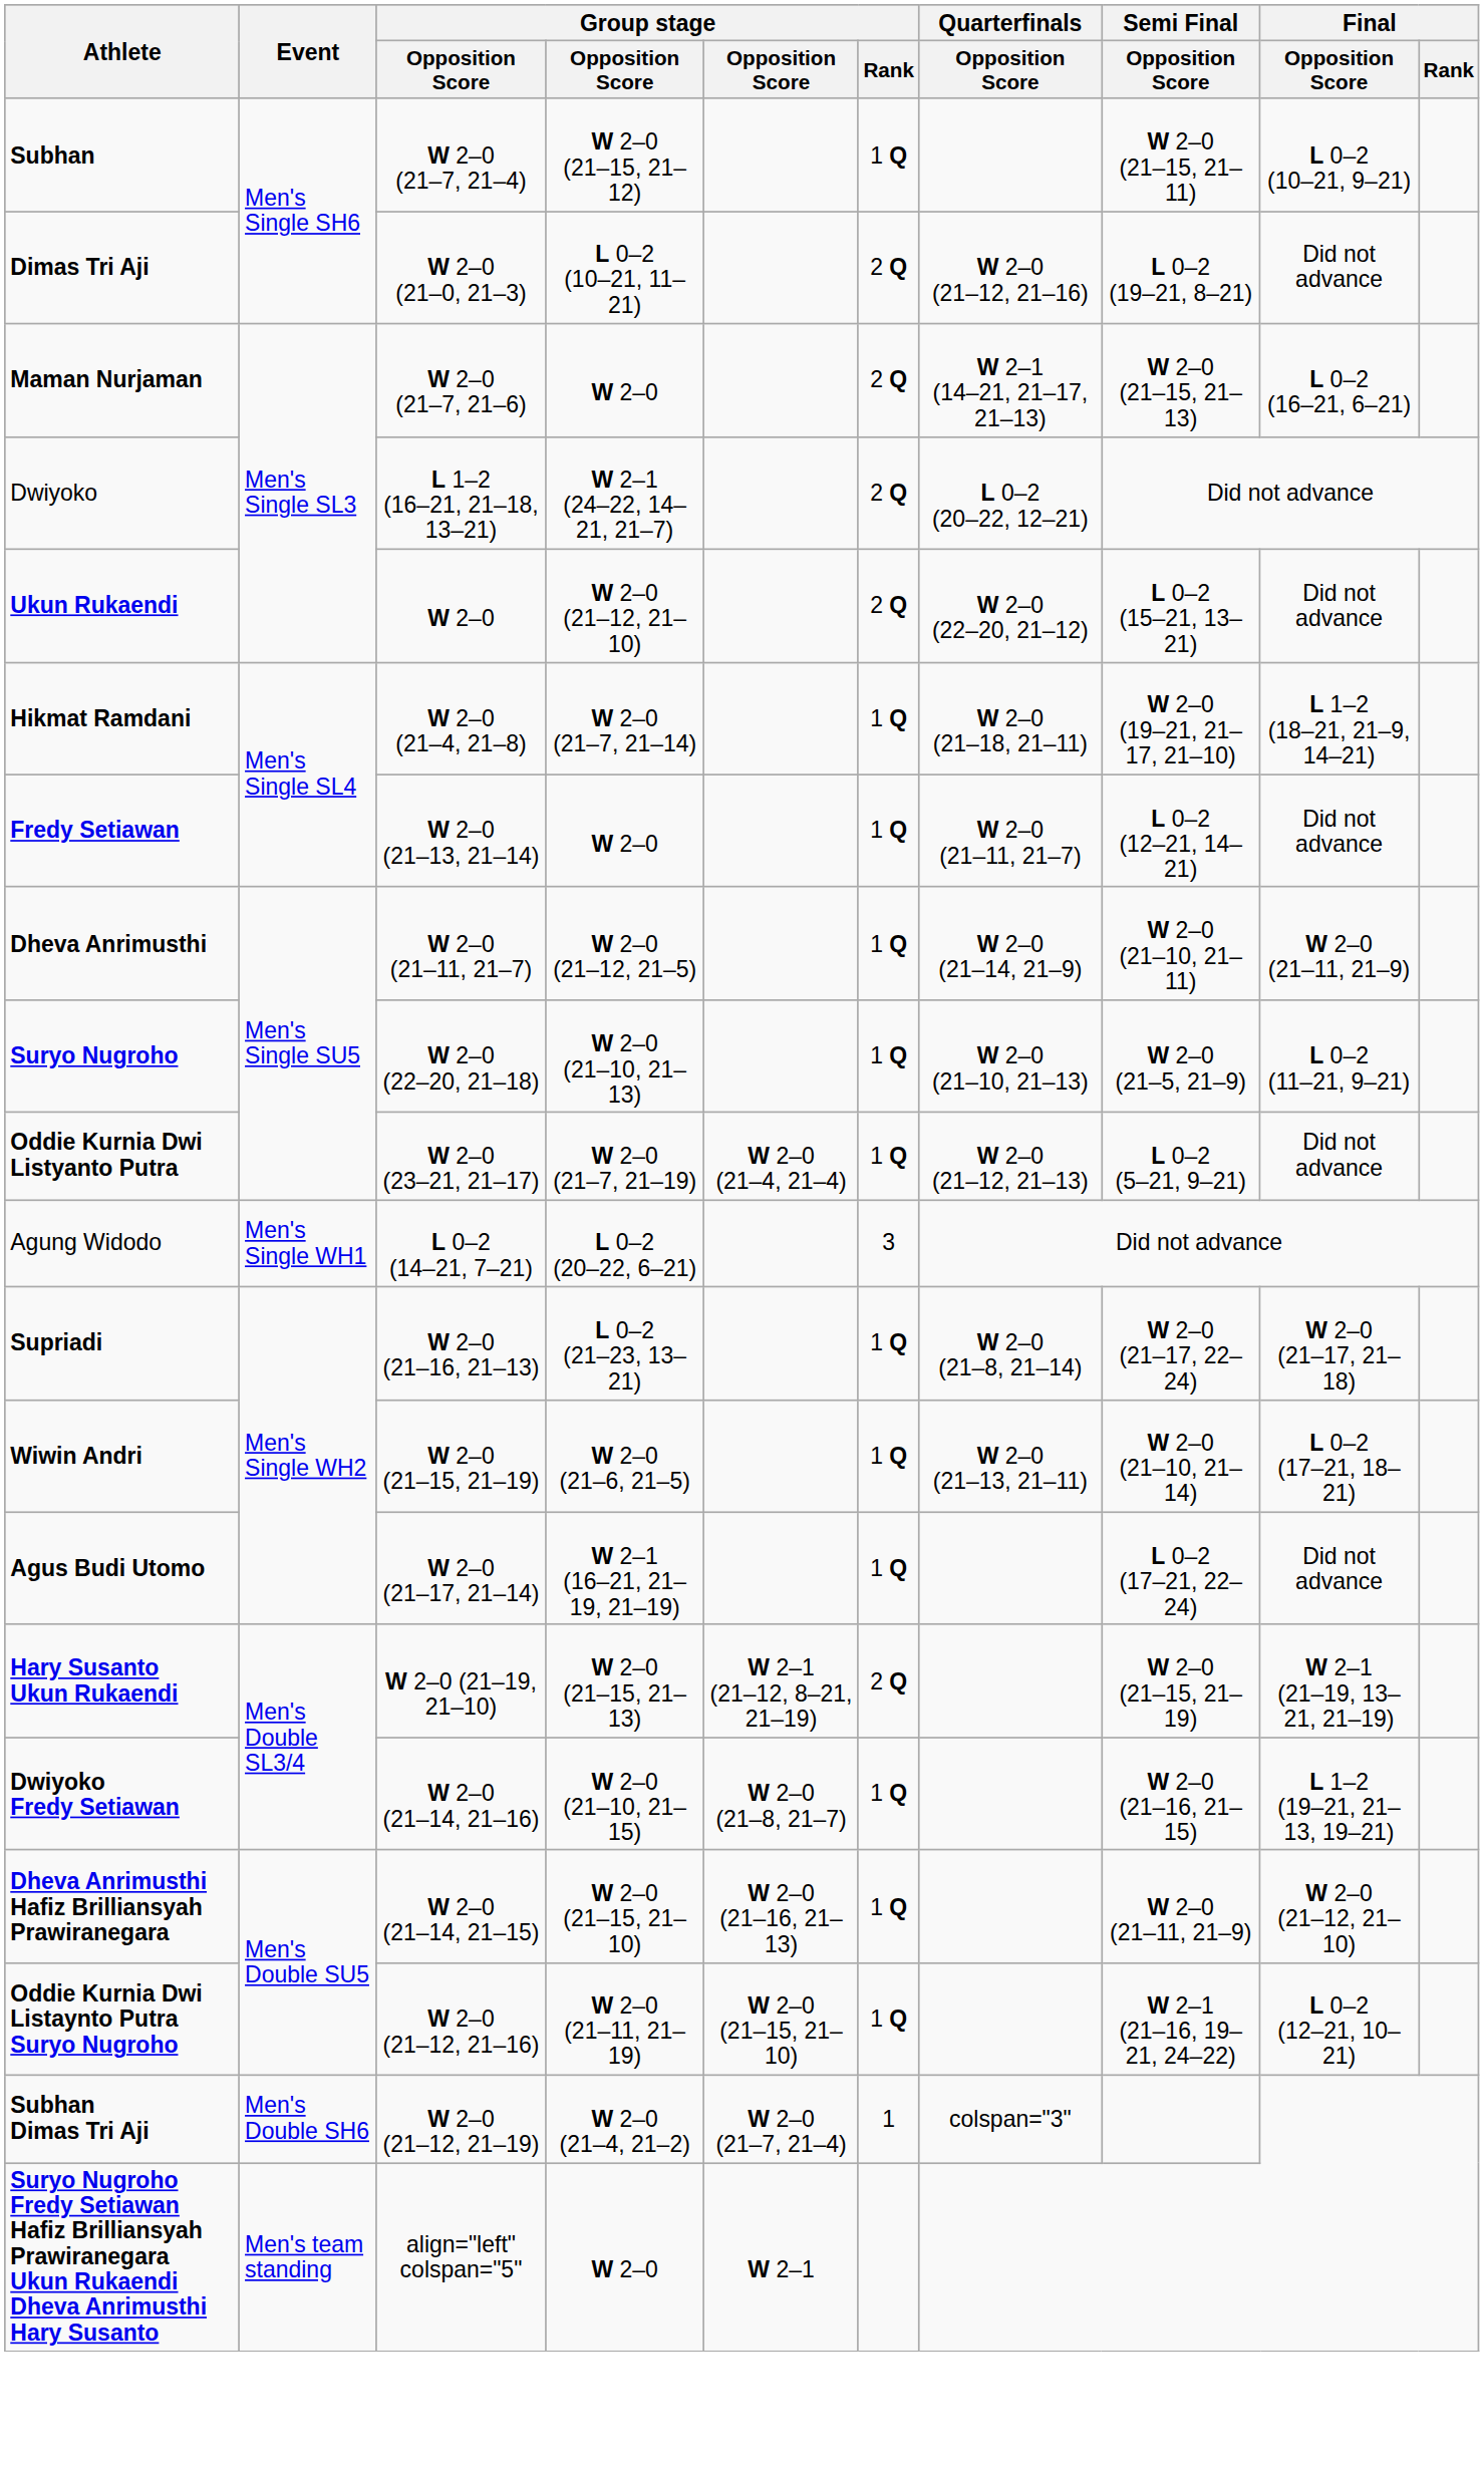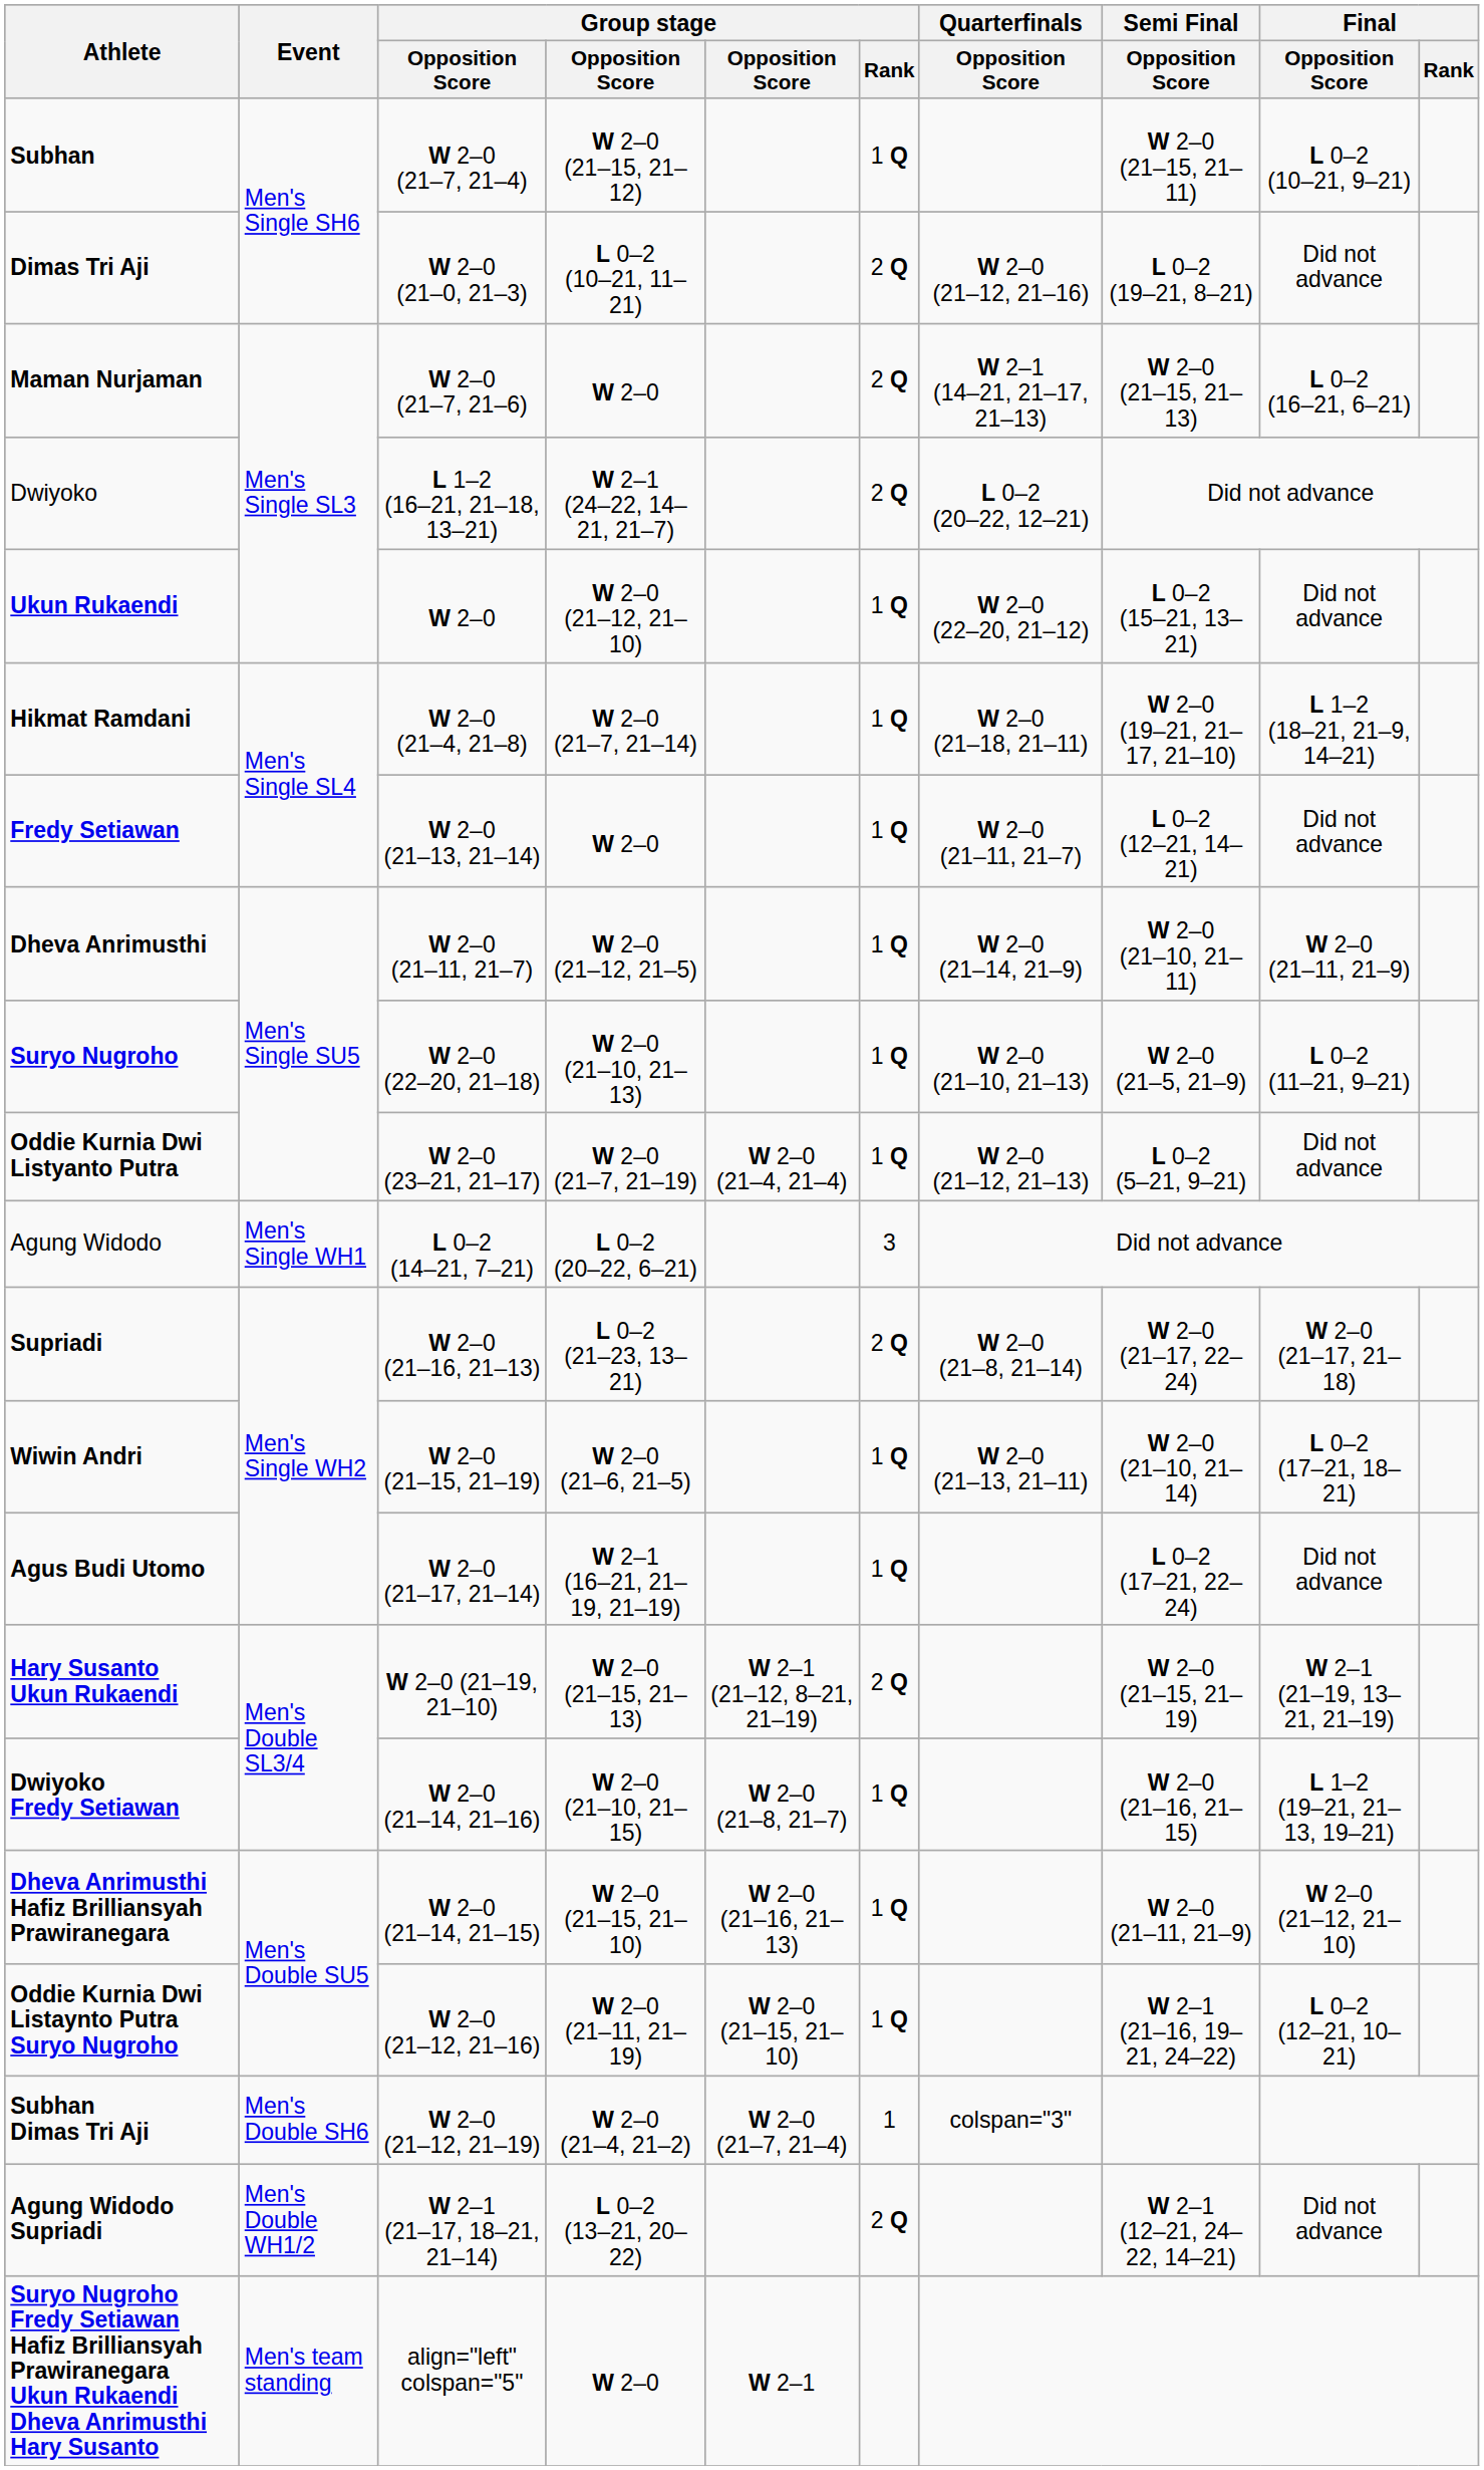 <table class="wikitable" style="font-size:85%; text-align:center">
 <tr>
 <th rowspan="2">Athlete</th>
 <th rowspan="2">Event</th>
 <th colspan="4">Group stage</th>
 <th colspan="1">Quarterfinals</th>
 <th colspan="1">Semi Final</th>
 <th colspan="2">Final</th>
 </tr>
 <tr style="font-size:90%">
 <th>Opposition<br>Score</th>
 <th>Opposition<br>Score</th>
 <th>Opposition<br>Score</th>
 <th>Rank</th>
 <th>Opposition<br>Score</th>
 <th>Opposition<br>Score</th>
 <th>Opposition<br>Score</th>
 <th>Rank</th>
 </tr>
 <tr>
 <td align="left"><strong>Subhan</strong></td>
 <td align="left" rowspan="2"><a href='#'>Men's Single SH6</a></td>
 <td><br><strong>W</strong> 2–0<br>(21–7, 21–4)</td>
 <td><br><strong>W</strong> 2–0<br>(21–15, 21–12)</td>
 <td></td>
 <td>1 <strong>Q</strong></td>
 <td></td>
 <td><br><strong>W</strong> 2–0<br>(21–15, 21–11)</td>
 <td><br><strong>L</strong> 0–2<br>(10–21, 9–21)</td>
 <td></td>
 </tr>
 <tr>
 <td align="left"><strong>Dimas Tri Aji</strong></td>
 <td><br><strong>W</strong> 2–0<br>(21–0, 21–3)</td>
 <td><br><strong>L</strong> 0–2<br>(10–21, 11–21)</td>
 <td></td>
 <td>2 <strong>Q</strong></td>
 <td><br><strong>W</strong> 2–0<br> (21–12, 21–16)</td>
 <td><br><strong>L</strong> 0–2<br> (19–21, 8–21)</td>
 <td>Did not advance</td>
 <td></td>
 </tr>
 <tr>
 <td align="left"><strong>Maman Nurjaman</strong></td>
 <td align="left" rowspan="3"><a href='#'>Men's Single SL3</a></td>
 <td><br><strong>W</strong> 2–0<br>(21–7, 21–6)</td>
 <td><br><strong>W</strong> 2–0<br></td>
 <td></td>
 <td>2 <strong>Q</strong></td>
 <td><br><strong>W</strong> 2–1<br> (14–21, 21–17, 21–13)</td>
 <td><br><strong>W</strong>  2–0<br> (21–15, 21–13)</td>
 <td><br><strong>L</strong>  0–2<br> (16–21, 6–21)</td>
 <td></td>
 </tr>
 <tr>
 <td align="left">Dwiyoko</td>
 <td><br><strong>L</strong> 1–2<br>(16–21, 21–18, 13–21)</td>
 <td><br><strong>W</strong> 2–1<br>(24–22, 14–21, 21–7)</td>
 <td></td>
 <td>2 <strong>Q</strong></td>
 <td><br><strong>L</strong> 0–2<br> (20–22, 12–21)</td>
 <td colspan="3">Did not advance</td>
 </tr>
 <tr>
 <td align="left"><strong><a href='#'>Ukun Rukaendi</a></strong></td>
 <td><br><strong>W</strong> 2–0<br></td>
 <td><br><strong>W</strong> 2–0<br> (21–12, 21–10)</td>
 <td></td>
-<td>2 <strong>Q</strong></td>
+<td>1 <strong>Q</strong></td>
 <td><br><strong>W</strong> 2–0<br> (22–20, 21–12)</td>
 <td><br><strong>L</strong> 0–2<br> (15–21, 13–21)</td>
 <td>Did not advance</td>
 <td></td>
 </tr>
 <tr>
 <td align="left"><strong>Hikmat Ramdani</strong></td>
 <td align="left" rowspan="2"><a href='#'>Men's Single SL4</a></td>
 <td><br><strong>W</strong> 2–0<br>(21–4, 21–8)</td>
 <td><br><strong>W</strong> 2–0<br>(21–7, 21–14)</td>
 <td></td>
 <td>1 <strong>Q</strong></td>
 <td><br><strong>W</strong> 2–0<br> (21–18, 21–11)</td>
 <td><br><strong>W</strong> 2–0<br> (19–21, 21–17, 21–10)</td>
 <td><br><strong>L</strong> 1–2<br> (18–21, 21–9, 14–21)</td>
 <td></td>
 </tr>
 <tr>
 <td align="left"><strong><a href='#'>Fredy Setiawan</a></strong></td>
 <td><br><strong>W</strong> 2–0<br> (21–13, 21–14)</td>
 <td><br><strong>W</strong> 2–0<br></td>
 <td></td>
 <td>1 <strong>Q</strong></td>
 <td><br><strong>W</strong> 2–0<br> (21–11, 21–7)</td>
 <td><br><strong>L</strong> 0–2<br> (12–21, 14–21)</td>
 <td>Did not advance</td>
 <td></td>
 </tr>
 <tr>
 <td align="left"><strong>Dheva Anrimusthi</strong></td>
 <td align="left" rowspan="3"><a href='#'>Men's Single SU5</a></td>
 <td><br><strong>W</strong> 2–0<br>(21–11, 21–7)</td>
 <td><br><strong>W</strong> 2–0<br>(21–12, 21–5)</td>
 <td></td>
 <td>1 <strong>Q</strong></td>
 <td><br><strong>W</strong> 2–0<br>(21–14, 21–9)</td>
 <td><br><strong>W</strong> 2–0<br>(21–10, 21–11)</td>
 <td><br><strong>W</strong> 2–0<br>(21–11, 21–9)</td>
 <td></td>
 </tr>
 <tr>
 <td align="left"><strong><a href='#'>Suryo Nugroho</a></strong></td>
 <td><br><strong>W</strong> 2–0<br>(22–20, 21–18)</td>
 <td><br><strong>W</strong> 2–0<br>(21–10, 21–13)</td>
 <td></td>
 <td>1 <strong>Q</strong></td>
 <td><br><strong>W</strong> 2–0<br>(21–10, 21–13)</td>
 <td><br><strong>W</strong> 2–0<br>(21–5, 21–9)</td>
 <td><br><strong>L</strong> 0–2<br>(11–21, 9–21)</td>
 <td></td>
 </tr>
 <tr>
 <td align="left"><strong>Oddie Kurnia Dwi Listyanto Putra</strong></td>
 <td><br><strong>W</strong> 2–0<br>(23–21, 21–17)</td>
 <td><br><strong>W</strong> 2–0<br>(21–7, 21–19)</td>
 <td><br><strong>W</strong> 2–0<br>(21–4, 21–4)</td>
 <td>1 <strong>Q</strong></td>
 <td><br><strong>W</strong> 2–0<br>(21–12, 21–13)</td>
 <td><br><strong>L</strong> 0–2<br>(5–21, 9–21)</td>
 <td>Did not advance</td>
 <td></td>
 </tr>
 <tr>
 <td align="left">Agung Widodo</td>
 <td align="left"><a href='#'>Men's Single WH1</a></td>
 <td><br><strong>L</strong> 0–2<br>(14–21, 7–21)</td>
 <td><br><strong>L</strong> 0–2<br>(20–22, 6–21)</td>
 <td></td>
 <td>3</td>
 <td colspan="4">Did not advance</td>
 </tr>
 <tr>
 <td align="left"><strong>Supriadi</strong></td>
 <td align="left" rowspan="3"><a href='#'>Men's Single WH2</a></td>
 <td><br><strong>W</strong> 2–0<br>(21–16, 21–13)</td>
 <td><br><strong>L</strong> 0–2<br>(21–23, 13–21)</td>
 <td></td>
-<td>1 <strong>Q</strong></td>
+<td>2 <strong>Q</strong></td>
 <td><br><strong>W</strong> 2–0<br>(21–8, 21–14)</td>
 <td><br><strong>W</strong> 2–0<br>(21–17, 22–24)</td>
 <td><br><strong>W</strong> 2–0<br>(21–17, 21–18)</td>
 <td></td>
 </tr>
 <tr>
 <td align="left"><strong>Wiwin Andri</strong></td>
 <td><br><strong>W</strong> 2–0<br>(21–15, 21–19)</td>
 <td><br><strong>W</strong> 2–0<br>(21–6, 21–5)</td>
 <td></td>
 <td>1 <strong>Q</strong></td>
 <td><br><strong>W</strong> 2–0<br>(21–13, 21–11)</td>
 <td><br><strong>W</strong> 2–0<br>(21–10, 21–14)</td>
 <td><br><strong>L</strong> 0–2<br>(17–21, 18–21)</td>
 <td></td>
 </tr>
 <tr>
 <td align="left"><strong>Agus Budi Utomo</strong></td>
 <td><br><strong>W</strong> 2–0<br>(21–17, 21–14)</td>
 <td><br><strong>W</strong> 2–1<br>(16–21, 21–19, 21–19)</td>
 <td></td>
 <td>1 <strong>Q</strong></td>
 <td></td>
 <td><br><strong>L</strong> 0–2<br>(17–21, 22–24)</td>
 <td>Did not advance</td>
 <td></td>
 </tr>
 <tr>
 <td align="left"><strong><a href='#'>Hary Susanto</a><br><a href='#'>Ukun Rukaendi</a></strong></td>
 <td align="left" rowspan="2"><a href='#'>Men's Double SL3/4</a></td>
 <td><br><strong>W</strong> 2–0 (21–19, 21–10)</td>
 <td><br><strong>W</strong> 2–0<br>(21–15, 21–13)</td>
 <td><br><strong>W</strong> 2–1<br>(21–12, 8–21, 21–19)</td>
 <td>2 <strong>Q</strong></td>
 <td></td>
 <td><br><strong>W</strong> 2–0<br>(21–15, 21–19)</td>
 <td><br><strong>W</strong> 2–1<br>(21–19, 13–21, 21–19)</td>
 <td></td>
 </tr>
 <tr>
 <td align="left"><strong>Dwiyoko<br><a href='#'>Fredy Setiawan</a></strong></td>
 <td><br><strong>W</strong> 2–0<br>(21–14, 21–16)</td>
 <td><br><strong>W</strong> 2–0<br>(21–10, 21–15)</td>
 <td><br><strong>W</strong> 2–0<br>(21–8, 21–7)</td>
 <td>1 <strong>Q</strong></td>
 <td></td>
 <td><br><strong>W</strong> 2–0<br>(21–16, 21–15)</td>
 <td><br><strong>L</strong> 1–2<br>(19–21, 21–13, 19–21)</td>
 <td></td>
 </tr>
 <tr>
 <td align="left"><strong><a href='#'>Dheva Anrimusthi</a><br>Hafiz Brilliansyah Prawiranegara</strong></td>
 <td align="left" rowspan="2"><a href='#'>Men's Double SU5</a></td>
 <td><br><strong>W</strong> 2–0<br>(21–14, 21–15)</td>
 <td><br><strong>W</strong> 2–0<br>(21–15, 21–10)</td>
 <td><br><strong>W</strong> 2–0<br>(21–16, 21–13)</td>
 <td>1 <strong>Q</strong></td>
 <td></td>
 <td><br><strong>W</strong> 2–0<br>(21–11, 21–9)</td>
 <td><br><strong>W</strong> 2–0<br>(21–12, 21–10)</td>
 <td></td>
 </tr>
 <tr>
 <td align="left"><strong>Oddie Kurnia Dwi Listaynto Putra<br><a href='#'>Suryo Nugroho</a></strong></td>
 <td><br><strong>W</strong> 2–0<br>(21–12, 21–16)</td>
 <td><br><strong>W</strong> 2–0<br>(21–11, 21–19)</td>
 <td><br><strong>W</strong> 2–0<br>(21–15, 21–10)</td>
 <td>1 <strong>Q</strong></td>
 <td></td>
 <td><br><strong>W</strong> 2–1<br>(21–16, 19–21, 24–22)</td>
 <td><br><strong>L</strong> 0–2<br>(12–21, 10–21)</td>
 <td></td>
 </tr>
 <tr>
 <td align="left"><strong>Subhan<br>Dimas Tri Aji</strong></td>
 <td align="left"><a href='#'>Men's Double SH6</a></td>
 <td><br><strong>W</strong> 2–0<br>(21–12, 21–19)</td>
 <td><br><strong>W</strong> 2–0<br>(21–4, 21–2)</td>
 <td><br><strong>W</strong> 2–0<br>(21–7, 21–4)</td>
 <td>1</td>
 <td>colspan="3" </td>
 <td></td>
 </tr>
 <tr>
+<td align="left"><strong>Agung Widodo<br>Supriadi</strong></td>
+<td align="left"><a href='#'>Men's Double WH1/2</a></td>
+<td><br><strong>W</strong> 2–1<br>(21–17, 18–21, 21–14)</td>
+<td><br><strong>L</strong> 0–2<br>(13–21, 20–22)</td>
+<td></td>
+<td>2 <strong>Q</strong></td>
+<td></td>
+<td><br><strong>W</strong> 2–1<br>(12–21, 24–22, 14–21)</td>
+<td>Did not advance</td>
+<td></td>
+</tr>
+<tr>
 <td align="left"><strong><a href='#'>Suryo Nugroho</a><br><a href='#'>Fredy Setiawan</a><br>Hafiz Brilliansyah Prawiranegara<br><a href='#'>Ukun Rukaendi</a><br><a href='#'>Dheva Anrimusthi</a><br><a href='#'>Hary Susanto</a></strong></td>
 <td align="left"><a href='#'>Men's team standing</a></td>
 <td>align="left" colspan="5" </td>
 <td><br><strong>W</strong> 2–0</td>
 <td><br><strong>W</strong> 2–1</td>
 <td></td>
 </tr>
 </table>
